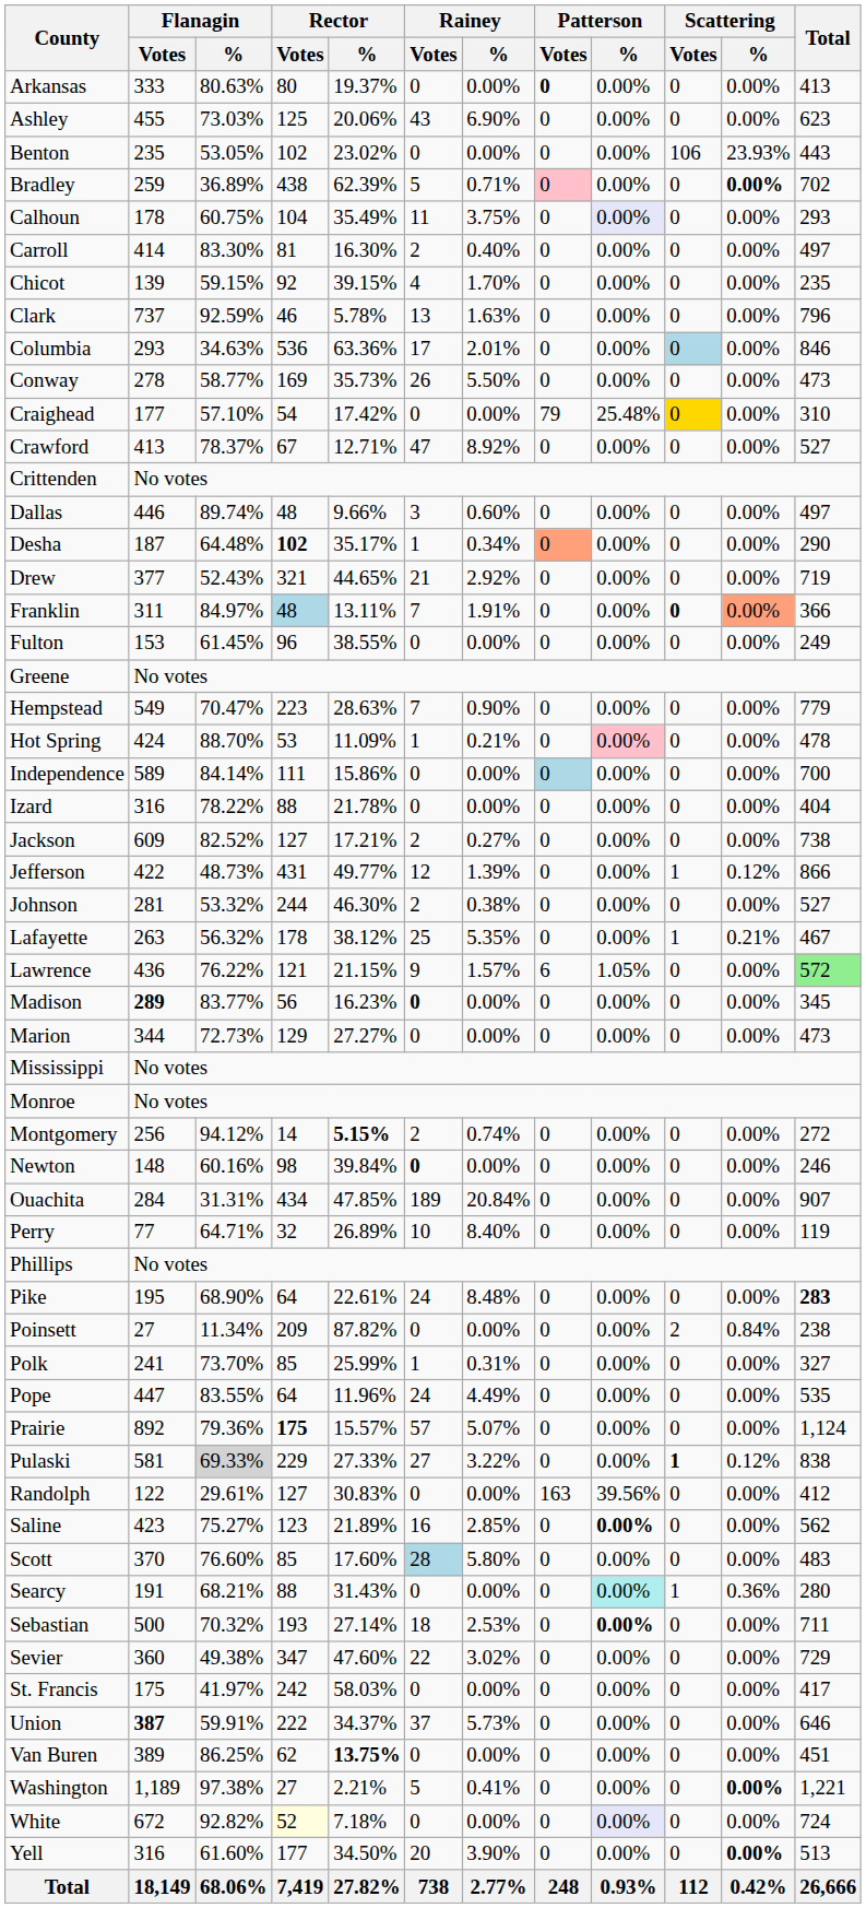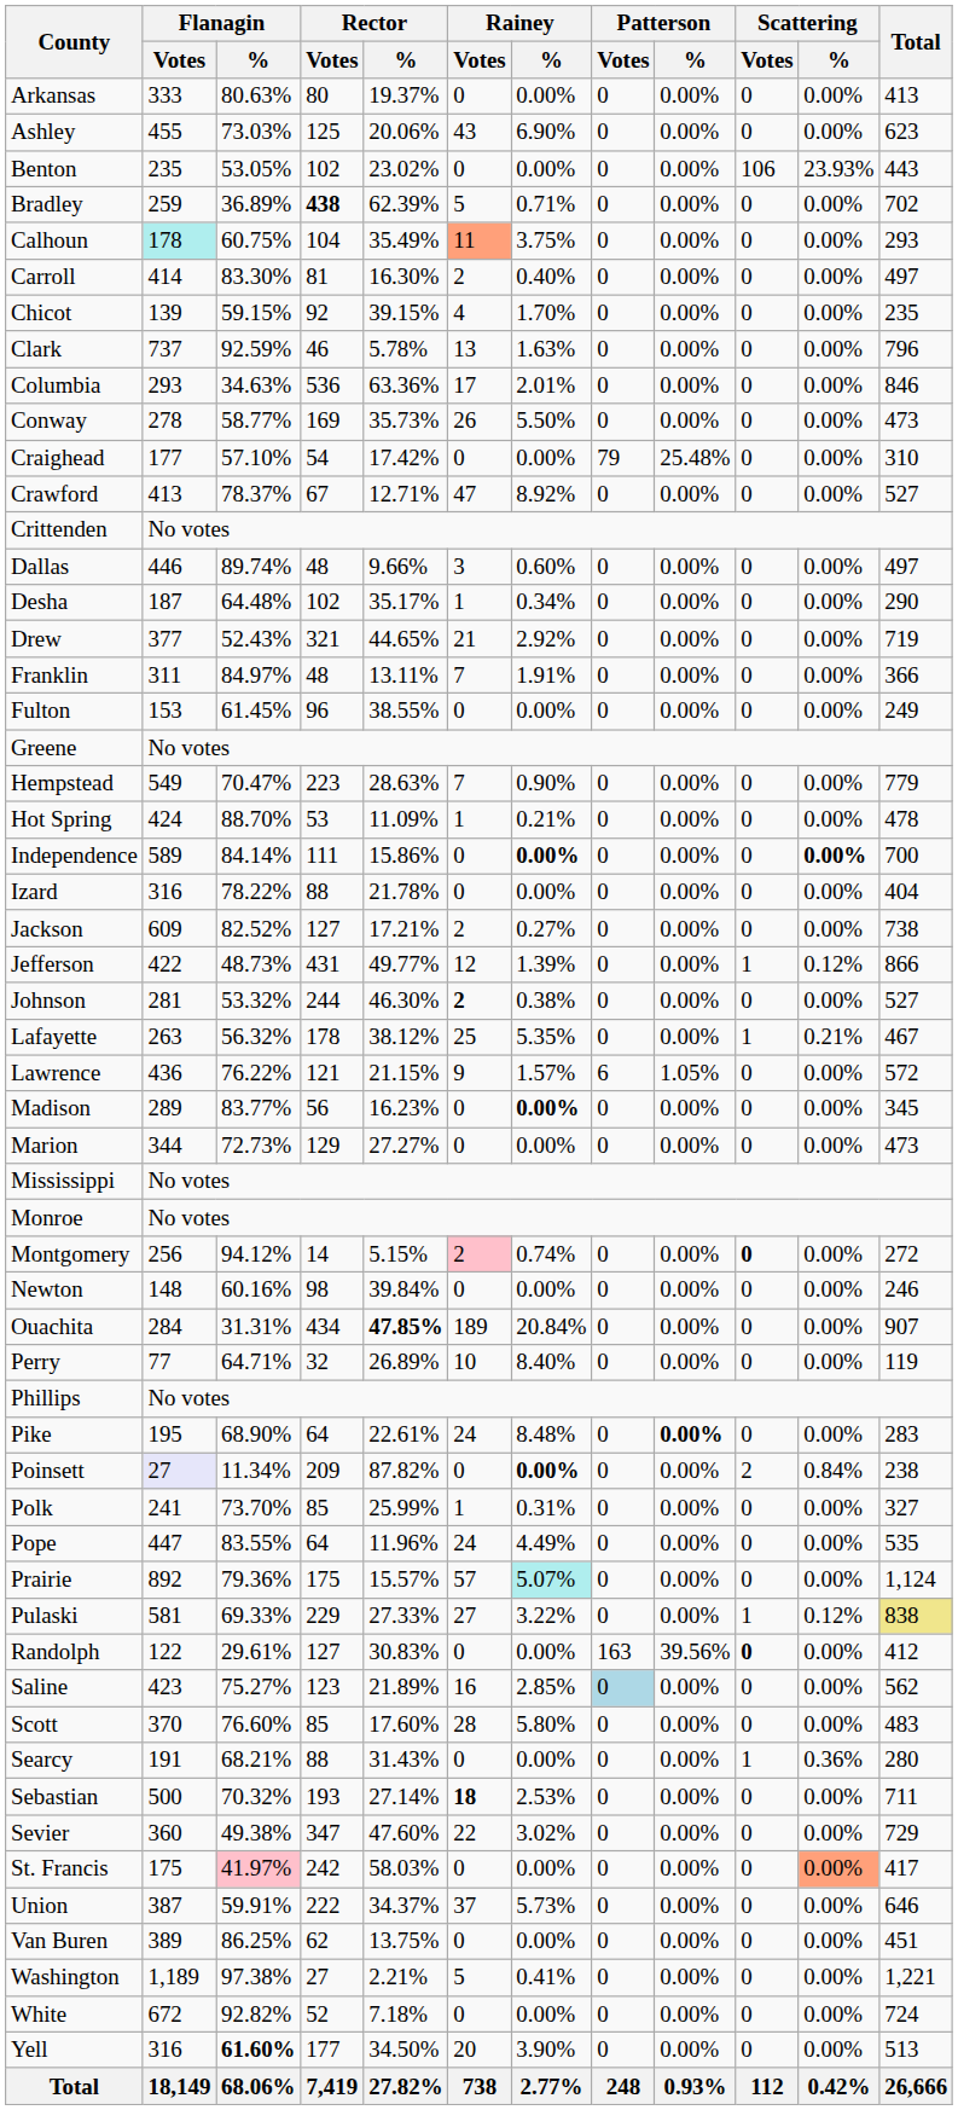 <table class="wikitable sortable mw-collapsible mw-collapsed">
 <tr>
 <th rowspan="2">County</th>
 <th colspan="2">Flanagin</th>
 <th colspan="2">Rector</th>
 <th colspan="2">Rainey</th>
 <th colspan="2">Patterson</th>
 <th colspan="2">Scattering</th>
 <th rowspan="2">Total</th>
 </tr>
 <tr>
 <th>Votes</th>
 <th>%</th>
 <th>Votes</th>
 <th>%</th>
 <th>Votes</th>
 <th>%</th>
 <th>Votes</th>
 <th>%</th>
 <th>Votes</th>
 <th>%</th>
 </tr>
 <tr>
 <td>Arkansas</td>
 <td>333</td>
 <td>80.63%</td>
 <td>80</td>
 <td>19.37%</td>
 <td>0</td>
 <td>0.00%</td>
-<td><strong>0</strong></td>
+<td>0</td>
 <td>0.00%</td>
 <td>0</td>
 <td>0.00%</td>
 <td>413</td>
 </tr>
 <tr>
 <td>Ashley</td>
 <td>455</td>
 <td>73.03%</td>
 <td>125</td>
 <td>20.06%</td>
 <td>43</td>
 <td>6.90%</td>
 <td>0</td>
 <td>0.00%</td>
 <td>0</td>
 <td>0.00%</td>
 <td>623</td>
 </tr>
 <tr>
 <td>Benton</td>
 <td>235</td>
 <td>53.05%</td>
 <td>102</td>
 <td>23.02%</td>
 <td>0</td>
 <td>0.00%</td>
 <td>0</td>
 <td>0.00%</td>
 <td>106</td>
 <td>23.93%</td>
 <td>443</td>
 </tr>
 <tr>
 <td>Bradley</td>
 <td>259</td>
 <td>36.89%</td>
-<td>438</td>
+<td><strong>438</strong></td>
 <td>62.39%</td>
 <td>5</td>
 <td>0.71%</td>
-<td style="background: pink;">0</td>
+<td>0</td>
 <td>0.00%</td>
 <td>0</td>
-<td><strong>0.00%</strong></td>
+<td>0.00%</td>
 <td>702</td>
 </tr>
 <tr>
 <td>Calhoun</td>
-<td>178</td>
+<td style="background: paleturquoise;">178</td>
 <td>60.75%</td>
 <td>104</td>
 <td>35.49%</td>
-<td>11</td>
+<td style="background: lightsalmon;">11</td>
 <td>3.75%</td>
 <td>0</td>
-<td style="background: lavender;">0.00%</td>
+<td>0.00%</td>
 <td>0</td>
 <td>0.00%</td>
 <td>293</td>
 </tr>
 <tr>
 <td>Carroll</td>
 <td>414</td>
 <td>83.30%</td>
 <td>81</td>
 <td>16.30%</td>
 <td>2</td>
 <td>0.40%</td>
 <td>0</td>
 <td>0.00%</td>
 <td>0</td>
 <td>0.00%</td>
 <td>497</td>
 </tr>
 <tr>
 <td>Chicot</td>
 <td>139</td>
 <td>59.15%</td>
 <td>92</td>
 <td>39.15%</td>
 <td>4</td>
 <td>1.70%</td>
 <td>0</td>
 <td>0.00%</td>
 <td>0</td>
 <td>0.00%</td>
 <td>235</td>
 </tr>
 <tr>
 <td>Clark</td>
 <td>737</td>
 <td>92.59%</td>
 <td>46</td>
 <td>5.78%</td>
 <td>13</td>
 <td>1.63%</td>
 <td>0</td>
 <td>0.00%</td>
 <td>0</td>
 <td>0.00%</td>
 <td>796</td>
 </tr>
 <tr>
 <td>Columbia</td>
 <td>293</td>
 <td>34.63%</td>
 <td>536</td>
 <td>63.36%</td>
 <td>17</td>
 <td>2.01%</td>
 <td>0</td>
 <td>0.00%</td>
-<td style="background: lightblue;">0</td>
+<td>0</td>
 <td>0.00%</td>
 <td>846</td>
 </tr>
 <tr>
 <td>Conway</td>
 <td>278</td>
 <td>58.77%</td>
 <td>169</td>
 <td>35.73%</td>
 <td>26</td>
 <td>5.50%</td>
 <td>0</td>
 <td>0.00%</td>
 <td>0</td>
 <td>0.00%</td>
 <td>473</td>
 </tr>
 <tr>
 <td>Craighead</td>
 <td>177</td>
 <td>57.10%</td>
 <td>54</td>
 <td>17.42%</td>
 <td>0</td>
 <td>0.00%</td>
 <td>79</td>
 <td>25.48%</td>
-<td style="background: gold;">0</td>
+<td>0</td>
 <td>0.00%</td>
 <td>310</td>
 </tr>
 <tr>
 <td>Crawford</td>
 <td>413</td>
 <td>78.37%</td>
 <td>67</td>
 <td>12.71%</td>
 <td>47</td>
 <td>8.92%</td>
 <td>0</td>
 <td>0.00%</td>
 <td>0</td>
 <td>0.00%</td>
 <td>527</td>
 </tr>
 <tr>
 <td>Crittenden</td>
 <td colspan="11">No votes</td>
 </tr>
 <tr>
 <td>Dallas</td>
 <td>446</td>
 <td>89.74%</td>
 <td>48</td>
 <td>9.66%</td>
 <td>3</td>
 <td>0.60%</td>
 <td>0</td>
 <td>0.00%</td>
 <td>0</td>
 <td>0.00%</td>
 <td>497</td>
 </tr>
 <tr>
 <td>Desha</td>
 <td>187</td>
 <td>64.48%</td>
-<td><strong>102</strong></td>
+<td>102</td>
 <td>35.17%</td>
 <td>1</td>
 <td>0.34%</td>
-<td style="background: lightsalmon;">0</td>
+<td>0</td>
 <td>0.00%</td>
 <td>0</td>
 <td>0.00%</td>
 <td>290</td>
 </tr>
 <tr>
 <td>Drew</td>
 <td>377</td>
 <td>52.43%</td>
 <td>321</td>
 <td>44.65%</td>
 <td>21</td>
 <td>2.92%</td>
 <td>0</td>
 <td>0.00%</td>
 <td>0</td>
 <td>0.00%</td>
 <td>719</td>
 </tr>
 <tr>
 <td>Franklin</td>
 <td>311</td>
 <td>84.97%</td>
-<td style="background: lightblue;">48</td>
+<td>48</td>
 <td>13.11%</td>
 <td>7</td>
 <td>1.91%</td>
 <td>0</td>
 <td>0.00%</td>
-<td><strong>0</strong></td>
-<td style="background: lightsalmon;">0.00%</td>
+<td>0</td>
+<td>0.00%</td>
 <td>366</td>
 </tr>
 <tr>
 <td>Fulton</td>
 <td>153</td>
 <td>61.45%</td>
 <td>96</td>
 <td>38.55%</td>
 <td>0</td>
 <td>0.00%</td>
 <td>0</td>
 <td>0.00%</td>
 <td>0</td>
 <td>0.00%</td>
 <td>249</td>
 </tr>
 <tr>
 <td>Greene</td>
 <td colspan="11">No votes</td>
 </tr>
 <tr>
 <td>Hempstead</td>
 <td>549</td>
 <td>70.47%</td>
 <td>223</td>
 <td>28.63%</td>
 <td>7</td>
 <td>0.90%</td>
 <td>0</td>
 <td>0.00%</td>
 <td>0</td>
 <td>0.00%</td>
 <td>779</td>
 </tr>
 <tr>
 <td>Hot Spring</td>
 <td>424</td>
 <td>88.70%</td>
 <td>53</td>
 <td>11.09%</td>
 <td>1</td>
 <td>0.21%</td>
 <td>0</td>
-<td style="background: pink;">0.00%</td>
+<td>0.00%</td>
 <td>0</td>
 <td>0.00%</td>
 <td>478</td>
 </tr>
 <tr>
 <td>Independence</td>
 <td>589</td>
 <td>84.14%</td>
 <td>111</td>
 <td>15.86%</td>
 <td>0</td>
-<td>0.00%</td>
-<td style="background: lightblue;">0</td>
+<td><strong>0.00%</strong></td>
+<td>0</td>
 <td>0.00%</td>
 <td>0</td>
-<td>0.00%</td>
+<td><strong>0.00%</strong></td>
 <td>700</td>
 </tr>
 <tr>
 <td>Izard</td>
 <td>316</td>
 <td>78.22%</td>
 <td>88</td>
 <td>21.78%</td>
 <td>0</td>
 <td>0.00%</td>
 <td>0</td>
 <td>0.00%</td>
 <td>0</td>
 <td>0.00%</td>
 <td>404</td>
 </tr>
 <tr>
 <td>Jackson</td>
 <td>609</td>
 <td>82.52%</td>
 <td>127</td>
 <td>17.21%</td>
 <td>2</td>
 <td>0.27%</td>
 <td>0</td>
 <td>0.00%</td>
 <td>0</td>
 <td>0.00%</td>
 <td>738</td>
 </tr>
 <tr>
 <td>Jefferson</td>
 <td>422</td>
 <td>48.73%</td>
 <td>431</td>
 <td>49.77%</td>
 <td>12</td>
 <td>1.39%</td>
 <td>0</td>
 <td>0.00%</td>
 <td>1</td>
 <td>0.12%</td>
 <td>866</td>
 </tr>
 <tr>
 <td>Johnson</td>
 <td>281</td>
 <td>53.32%</td>
 <td>244</td>
 <td>46.30%</td>
-<td>2</td>
+<td><strong>2</strong></td>
 <td>0.38%</td>
 <td>0</td>
 <td>0.00%</td>
 <td>0</td>
 <td>0.00%</td>
 <td>527</td>
 </tr>
 <tr>
 <td>Lafayette</td>
 <td>263</td>
 <td>56.32%</td>
 <td>178</td>
 <td>38.12%</td>
 <td>25</td>
 <td>5.35%</td>
 <td>0</td>
 <td>0.00%</td>
 <td>1</td>
 <td>0.21%</td>
 <td>467</td>
 </tr>
 <tr>
 <td>Lawrence</td>
 <td>436</td>
 <td>76.22%</td>
 <td>121</td>
 <td>21.15%</td>
 <td>9</td>
 <td>1.57%</td>
 <td>6</td>
 <td>1.05%</td>
 <td>0</td>
 <td>0.00%</td>
-<td style="background: lightgreen;">572</td>
+<td>572</td>
 </tr>
 <tr>
 <td>Madison</td>
-<td><strong>289</strong></td>
+<td>289</td>
 <td>83.77%</td>
 <td>56</td>
 <td>16.23%</td>
-<td><strong>0</strong></td>
-<td>0.00%</td>
+<td>0</td>
+<td><strong>0.00%</strong></td>
 <td>0</td>
 <td>0.00%</td>
 <td>0</td>
 <td>0.00%</td>
 <td>345</td>
 </tr>
 <tr>
 <td>Marion</td>
 <td>344</td>
 <td>72.73%</td>
 <td>129</td>
 <td>27.27%</td>
 <td>0</td>
 <td>0.00%</td>
 <td>0</td>
 <td>0.00%</td>
 <td>0</td>
 <td>0.00%</td>
 <td>473</td>
 </tr>
 <tr>
 <td>Mississippi</td>
 <td colspan="11">No votes</td>
 </tr>
 <tr>
 <td>Monroe</td>
 <td colspan="11">No votes</td>
 </tr>
 <tr>
 <td>Montgomery</td>
 <td>256</td>
 <td>94.12%</td>
 <td>14</td>
-<td><strong>5.15%</strong></td>
-<td>2</td>
+<td>5.15%</td>
+<td style="background: pink;">2</td>
 <td>0.74%</td>
 <td>0</td>
 <td>0.00%</td>
-<td>0</td>
+<td><strong>0</strong></td>
 <td>0.00%</td>
 <td>272</td>
 </tr>
 <tr>
 <td>Newton</td>
 <td>148</td>
 <td>60.16%</td>
 <td>98</td>
 <td>39.84%</td>
-<td><strong>0</strong></td>
+<td>0</td>
 <td>0.00%</td>
 <td>0</td>
 <td>0.00%</td>
 <td>0</td>
 <td>0.00%</td>
 <td>246</td>
 </tr>
 <tr>
 <td>Ouachita</td>
 <td>284</td>
 <td>31.31%</td>
 <td>434</td>
-<td>47.85%</td>
+<td><strong>47.85%</strong></td>
 <td>189</td>
 <td>20.84%</td>
 <td>0</td>
 <td>0.00%</td>
 <td>0</td>
 <td>0.00%</td>
 <td>907</td>
 </tr>
 <tr>
 <td>Perry</td>
 <td>77</td>
 <td>64.71%</td>
 <td>32</td>
 <td>26.89%</td>
 <td>10</td>
 <td>8.40%</td>
 <td>0</td>
 <td>0.00%</td>
 <td>0</td>
 <td>0.00%</td>
 <td>119</td>
 </tr>
 <tr>
 <td>Phillips</td>
 <td colspan="11">No votes</td>
 </tr>
 <tr>
 <td>Pike</td>
 <td>195</td>
 <td>68.90%</td>
 <td>64</td>
 <td>22.61%</td>
 <td>24</td>
 <td>8.48%</td>
 <td>0</td>
-<td>0.00%</td>
+<td><strong>0.00%</strong></td>
 <td>0</td>
 <td>0.00%</td>
-<td><strong>283</strong></td>
+<td>283</td>
 </tr>
 <tr>
 <td>Poinsett</td>
-<td>27</td>
+<td style="background: lavender;">27</td>
 <td>11.34%</td>
 <td>209</td>
 <td>87.82%</td>
 <td>0</td>
-<td>0.00%</td>
+<td><strong>0.00%</strong></td>
 <td>0</td>
 <td>0.00%</td>
 <td>2</td>
 <td>0.84%</td>
 <td>238</td>
 </tr>
 <tr>
 <td>Polk</td>
 <td>241</td>
 <td>73.70%</td>
 <td>85</td>
 <td>25.99%</td>
 <td>1</td>
 <td>0.31%</td>
 <td>0</td>
 <td>0.00%</td>
 <td>0</td>
 <td>0.00%</td>
 <td>327</td>
 </tr>
 <tr>
 <td>Pope</td>
 <td>447</td>
 <td>83.55%</td>
 <td>64</td>
 <td>11.96%</td>
 <td>24</td>
 <td>4.49%</td>
 <td>0</td>
 <td>0.00%</td>
 <td>0</td>
 <td>0.00%</td>
 <td>535</td>
 </tr>
 <tr>
 <td>Prairie</td>
 <td>892</td>
 <td>79.36%</td>
-<td><strong>175</strong></td>
+<td>175</td>
 <td>15.57%</td>
 <td>57</td>
-<td>5.07%</td>
+<td style="background: paleturquoise;">5.07%</td>
 <td>0</td>
 <td>0.00%</td>
 <td>0</td>
 <td>0.00%</td>
 <td>1,124</td>
 </tr>
 <tr>
 <td>Pulaski</td>
 <td>581</td>
-<td style="background: lightgrey;">69.33%</td>
+<td>69.33%</td>
 <td>229</td>
 <td>27.33%</td>
 <td>27</td>
 <td>3.22%</td>
 <td>0</td>
 <td>0.00%</td>
-<td><strong>1</strong></td>
+<td>1</td>
 <td>0.12%</td>
-<td>838</td>
+<td style="background: khaki;">838</td>
 </tr>
 <tr>
 <td>Randolph</td>
 <td>122</td>
 <td>29.61%</td>
 <td>127</td>
 <td>30.83%</td>
 <td>0</td>
 <td>0.00%</td>
 <td>163</td>
 <td>39.56%</td>
-<td>0</td>
+<td><strong>0</strong></td>
 <td>0.00%</td>
 <td>412</td>
 </tr>
 <tr>
 <td>Saline</td>
 <td>423</td>
 <td>75.27%</td>
 <td>123</td>
 <td>21.89%</td>
 <td>16</td>
 <td>2.85%</td>
-<td>0</td>
-<td><strong>0.00%</strong></td>
+<td style="background: lightblue;">0</td>
+<td>0.00%</td>
 <td>0</td>
 <td>0.00%</td>
 <td>562</td>
 </tr>
 <tr>
 <td>Scott</td>
 <td>370</td>
 <td>76.60%</td>
 <td>85</td>
 <td>17.60%</td>
-<td style="background: lightblue;">28</td>
+<td>28</td>
 <td>5.80%</td>
 <td>0</td>
 <td>0.00%</td>
 <td>0</td>
 <td>0.00%</td>
 <td>483</td>
 </tr>
 <tr>
 <td>Searcy</td>
 <td>191</td>
 <td>68.21%</td>
 <td>88</td>
 <td>31.43%</td>
 <td>0</td>
 <td>0.00%</td>
 <td>0</td>
-<td style="background: paleturquoise;">0.00%</td>
+<td>0.00%</td>
 <td>1</td>
 <td>0.36%</td>
 <td>280</td>
 </tr>
 <tr>
 <td>Sebastian</td>
 <td>500</td>
 <td>70.32%</td>
 <td>193</td>
 <td>27.14%</td>
-<td>18</td>
+<td><strong>18</strong></td>
 <td>2.53%</td>
 <td>0</td>
-<td><strong>0.00%</strong></td>
+<td>0.00%</td>
 <td>0</td>
 <td>0.00%</td>
 <td>711</td>
 </tr>
 <tr>
 <td>Sevier</td>
 <td>360</td>
 <td>49.38%</td>
 <td>347</td>
 <td>47.60%</td>
 <td>22</td>
 <td>3.02%</td>
 <td>0</td>
 <td>0.00%</td>
 <td>0</td>
 <td>0.00%</td>
 <td>729</td>
 </tr>
 <tr>
 <td>St. Francis</td>
 <td>175</td>
-<td>41.97%</td>
+<td style="background: pink;">41.97%</td>
 <td>242</td>
 <td>58.03%</td>
 <td>0</td>
 <td>0.00%</td>
 <td>0</td>
 <td>0.00%</td>
 <td>0</td>
-<td>0.00%</td>
+<td style="background: lightsalmon;">0.00%</td>
 <td>417</td>
 </tr>
 <tr>
 <td>Union</td>
-<td><strong>387</strong></td>
+<td>387</td>
 <td>59.91%</td>
 <td>222</td>
 <td>34.37%</td>
 <td>37</td>
 <td>5.73%</td>
 <td>0</td>
 <td>0.00%</td>
 <td>0</td>
 <td>0.00%</td>
 <td>646</td>
 </tr>
 <tr>
 <td>Van Buren</td>
 <td>389</td>
 <td>86.25%</td>
 <td>62</td>
-<td><strong>13.75%</strong></td>
+<td>13.75%</td>
 <td>0</td>
 <td>0.00%</td>
 <td>0</td>
 <td>0.00%</td>
 <td>0</td>
 <td>0.00%</td>
 <td>451</td>
 </tr>
 <tr>
 <td>Washington</td>
 <td>1,189</td>
 <td>97.38%</td>
 <td>27</td>
 <td>2.21%</td>
 <td>5</td>
 <td>0.41%</td>
 <td>0</td>
 <td>0.00%</td>
 <td>0</td>
-<td><strong>0.00%</strong></td>
+<td>0.00%</td>
 <td>1,221</td>
 </tr>
 <tr>
 <td>White</td>
 <td>672</td>
 <td>92.82%</td>
-<td style="background: lightyellow;">52</td>
+<td>52</td>
 <td>7.18%</td>
 <td>0</td>
 <td>0.00%</td>
 <td>0</td>
-<td style="background: lavender;">0.00%</td>
+<td>0.00%</td>
 <td>0</td>
 <td>0.00%</td>
 <td>724</td>
 </tr>
 <tr>
 <td>Yell</td>
 <td>316</td>
-<td>61.60%</td>
+<td><strong>61.60%</strong></td>
 <td>177</td>
 <td>34.50%</td>
 <td>20</td>
 <td>3.90%</td>
 <td>0</td>
 <td>0.00%</td>
 <td>0</td>
-<td><strong>0.00%</strong></td>
+<td>0.00%</td>
 <td>513</td>
 </tr>
 <tr>
 <th>Total</th>
 <th>18,149</th>
 <th>68.06%</th>
 <th>7,419</th>
 <th>27.82%</th>
 <th>738</th>
 <th>2.77%</th>
 <th>248</th>
 <th>0.93%</th>
 <th>112</th>
 <th>0.42%</th>
 <th>26,666</th>
 </tr>
 </table>
